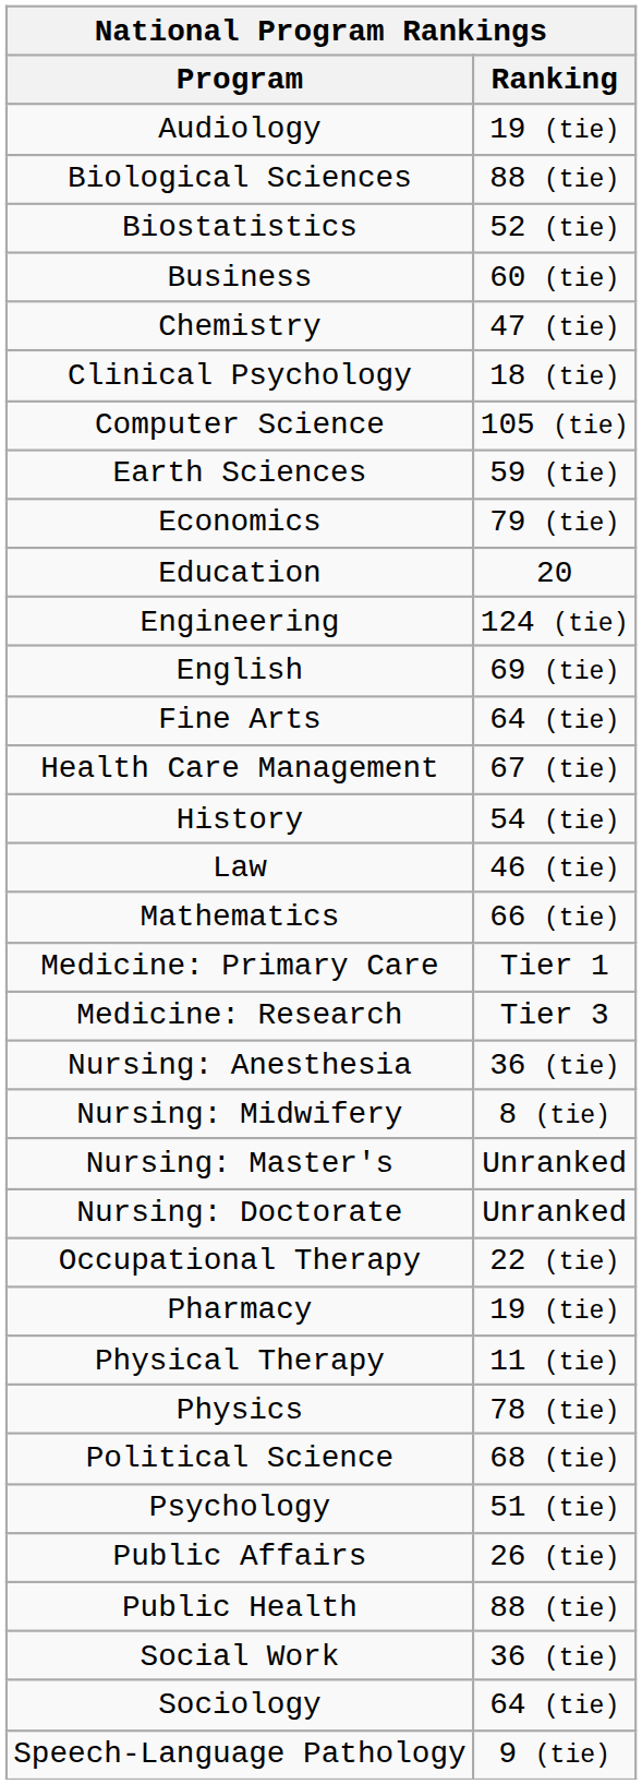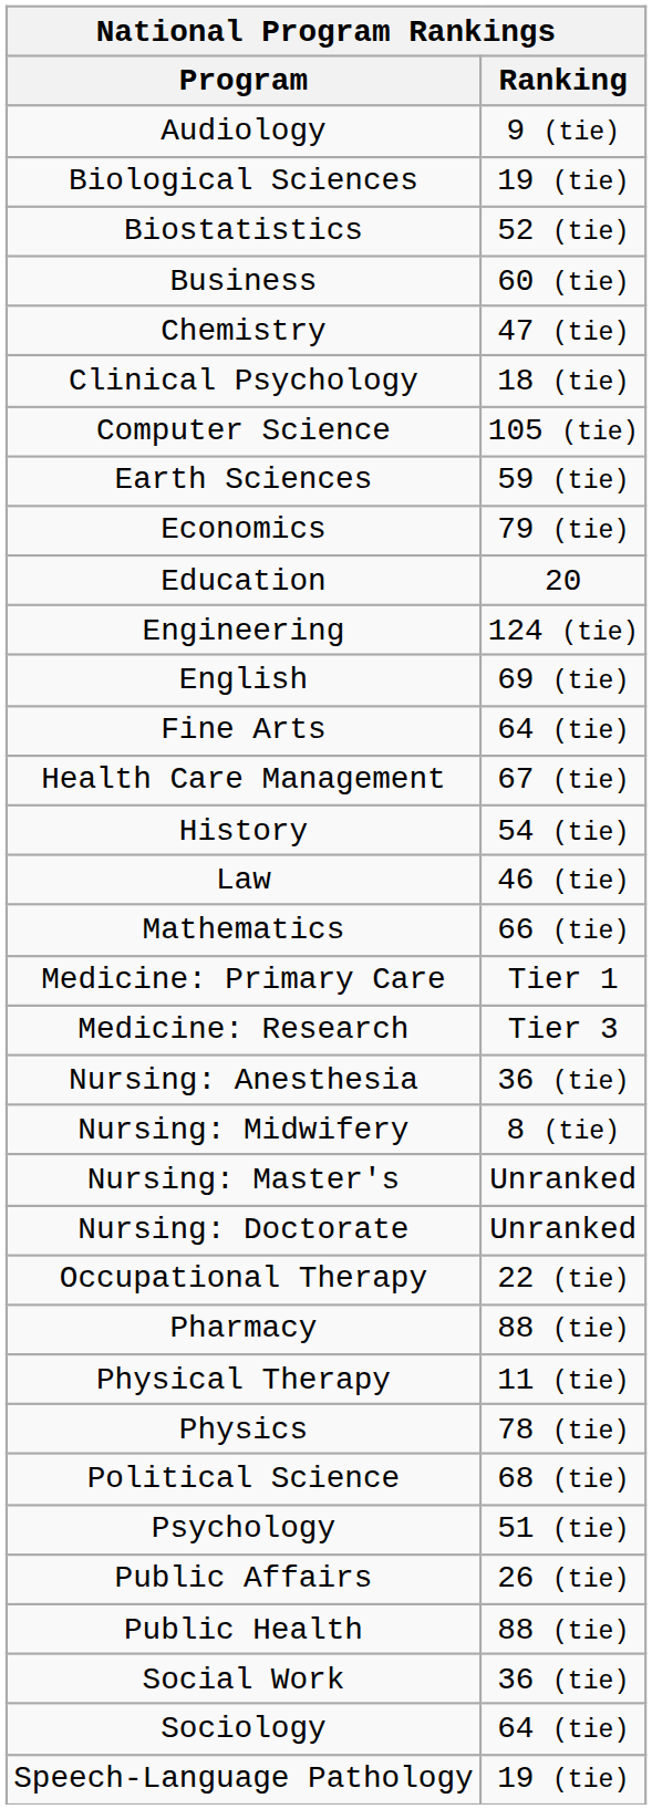 <table class="wikitable sortable collapsible collapsed" style="float:right; clear:right; text-align:center">
 <tr>
 <th colspan=4>National Program Rankings</th>
 </tr>
 <tr>
 <th>Program</th>
 <th>Ranking</th>
 </tr>
 <tr>
 <td>Audiology</td>
-<td>19 <small>(tie)</small></td>
+<td>9 <small>(tie)</small></td>
 </tr>
 <tr>
 <td>Biological Sciences</td>
-<td>88 <small>(tie)</small></td>
+<td>19 <small>(tie)</small></td>
 </tr>
 <tr>
 <td>Biostatistics</td>
 <td>52 <small>(tie)</small></td>
 </tr>
 <tr>
 <td>Business</td>
 <td>60 <small>(tie)</small></td>
 </tr>
 <tr>
 <td>Chemistry</td>
 <td>47 <small>(tie)</small></td>
 </tr>
 <tr>
 <td>Clinical Psychology</td>
 <td>18 <small>(tie)</small></td>
 </tr>
 <tr>
 <td>Computer Science</td>
 <td>105 <small>(tie)</small></td>
 </tr>
 <tr>
 <td>Earth Sciences</td>
 <td>59 <small>(tie)</small></td>
 </tr>
 <tr>
 <td>Economics</td>
 <td>79 <small>(tie)</small></td>
 </tr>
 <tr>
 <td>Education</td>
 <td>20</td>
 </tr>
 <tr>
 <td>Engineering</td>
 <td>124 <small>(tie)</small></td>
 </tr>
 <tr>
 <td>English</td>
 <td>69 <small>(tie)</small></td>
 </tr>
 <tr>
 <td>Fine Arts</td>
 <td>64 <small>(tie)</small></td>
 </tr>
 <tr>
 <td>Health Care Management</td>
 <td>67 <small>(tie)</small></td>
 </tr>
 <tr>
 <td>History</td>
 <td>54 <small>(tie)</small></td>
 </tr>
 <tr>
 <td>Law</td>
 <td>46 <small>(tie)</small></td>
 </tr>
 <tr>
 <td>Mathematics</td>
 <td>66 <small>(tie)</small></td>
 </tr>
 <tr>
 <td>Medicine: Primary Care</td>
 <td>Tier 1</td>
 </tr>
 <tr>
 <td>Medicine: Research</td>
 <td>Tier 3</td>
 </tr>
 <tr>
 <td>Nursing: Anesthesia</td>
 <td>36 <small>(tie)</small></td>
 </tr>
 <tr>
 <td>Nursing: Midwifery</td>
 <td>8 <small>(tie)</small></td>
 </tr>
 <tr>
 <td>Nursing: Master's</td>
 <td>Unranked</td>
 </tr>
 <tr>
 <td>Nursing: Doctorate</td>
 <td>Unranked</td>
 </tr>
 <tr>
 <td>Occupational Therapy</td>
 <td>22 <small>(tie)</small></td>
 </tr>
 <tr>
 <td>Pharmacy</td>
-<td>19 <small>(tie)</small></td>
+<td>88 <small>(tie)</small></td>
 </tr>
 <tr>
 <td>Physical Therapy</td>
 <td>11 <small>(tie)</small></td>
 </tr>
 <tr>
 <td>Physics</td>
 <td>78 <small>(tie)</small></td>
 </tr>
 <tr>
 <td>Political Science</td>
 <td>68 <small>(tie)</small></td>
 </tr>
 <tr>
 <td>Psychology</td>
 <td>51 <small>(tie)</small></td>
 </tr>
 <tr>
 <td>Public Affairs</td>
 <td>26 <small>(tie)</small></td>
 </tr>
 <tr>
 <td>Public Health</td>
 <td>88 <small>(tie)</small></td>
 </tr>
 <tr>
 <td>Social Work</td>
 <td>36 <small>(tie)</small></td>
 </tr>
 <tr>
 <td>Sociology</td>
 <td>64 <small>(tie)</small></td>
 </tr>
 <tr>
 <td>Speech-Language Pathology</td>
-<td>9 <small>(tie)</small></td>
+<td>19 <small>(tie)</small></td>
 </tr>
 </table>
